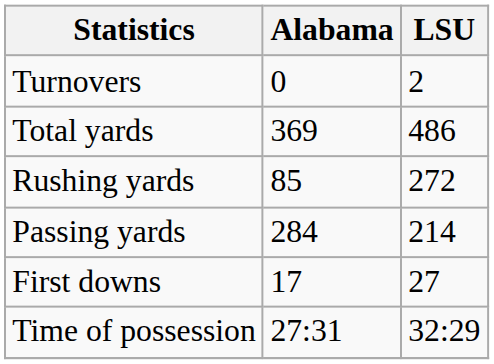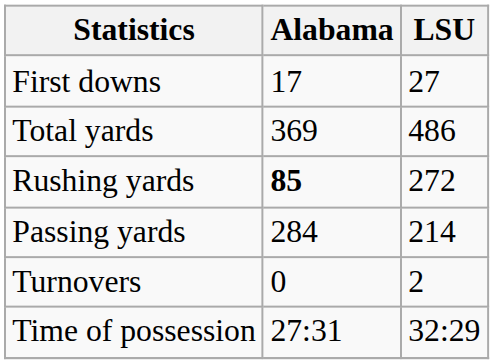 <table class="wikitable" style="float: left;">
 <tr>
 <th>Statistics</th>
 <th>Alabama</th>
 <th>LSU</th>
 </tr>
 <tr>
-<td>Turnovers</td>
-<td>0</td>
-<td>2</td>
+<td>First downs</td>
+<td>17</td>
+<td>27</td>
 </tr>
 <tr>
 <td>Total yards</td>
 <td>369</td>
 <td>486</td>
 </tr>
 <tr>
 <td>Rushing yards</td>
-<td>85</td>
+<td><strong>85</strong></td>
 <td>272</td>
 </tr>
 <tr>
 <td>Passing yards</td>
 <td>284</td>
 <td>214</td>
 </tr>
 <tr>
-<td>First downs</td>
-<td>17</td>
-<td>27</td>
+<td>Turnovers</td>
+<td>0</td>
+<td>2</td>
 </tr>
 <tr>
 <td>Time of possession</td>
 <td>27:31</td>
 <td>32:29</td>
 </tr>
 <tr>
 </tr>
 </table>
